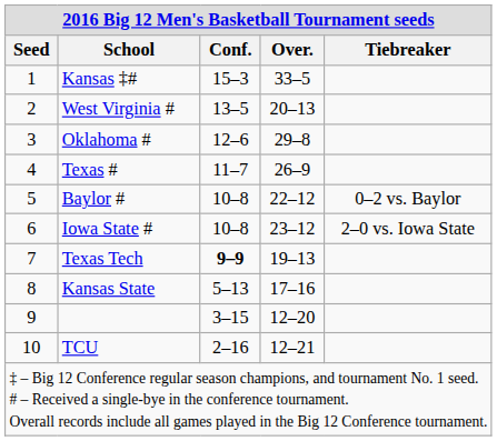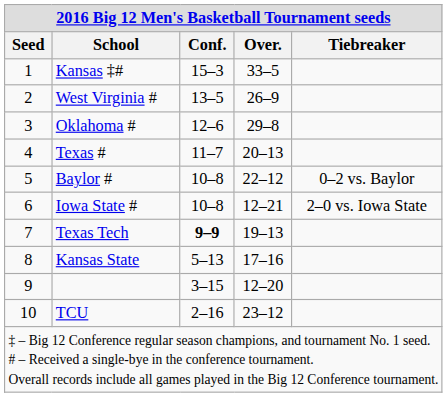 <table class="wikitable" style="white-space:nowrap; font-size:90%;text-align:center">
 <tr>
 <td colspan="10" style="text-align:center; background:#DDDDDD; font:#000000"><strong><a href='#'>2016 Big 12 Men's Basketball Tournament seeds</a></strong></td>
 </tr>
 <tr bgcolor="#efefef">
 <th>Seed</th>
 <th>School</th>
 <th>Conf.</th>
 <th>Over.</th>
 <th>Tiebreaker</th>
 </tr>
 <tr>
 <td>1</td>
 <td align=left><a href='#'>Kansas</a> ‡#</td>
 <td>15–3</td>
 <td>33–5</td>
 <td></td>
 </tr>
 <tr>
 <td>2</td>
 <td align=left><a href='#'>West Virginia</a> #</td>
 <td>13–5</td>
-<td>20–13</td>
+<td>26–9</td>
 <td></td>
 </tr>
 <tr>
 <td>3</td>
 <td align=left><a href='#'>Oklahoma</a> #</td>
 <td>12–6</td>
 <td>29–8</td>
 <td></td>
 </tr>
 <tr>
 <td>4</td>
 <td align=left><a href='#'>Texas</a> #</td>
 <td>11–7</td>
-<td>26–9</td>
+<td>20–13</td>
 <td></td>
 </tr>
 <tr>
 <td>5</td>
 <td align=left><a href='#'>Baylor</a> #</td>
 <td>10–8</td>
 <td>22–12</td>
 <td>0–2 vs. Baylor</td>
 </tr>
 <tr>
 <td>6</td>
 <td align=left><a href='#'>Iowa State</a> #</td>
 <td>10–8</td>
-<td>23–12</td>
+<td>12–21</td>
 <td>2–0 vs. Iowa State</td>
 </tr>
 <tr>
 <td>7</td>
 <td align=left><a href='#'>Texas Tech</a></td>
 <td><strong>9–9</strong></td>
 <td>19–13</td>
 <td></td>
 </tr>
 <tr>
 <td>8</td>
 <td align=left><a href='#'>Kansas State</a></td>
 <td>5–13</td>
 <td>17–16</td>
 <td></td>
 </tr>
 <tr>
 <td>9</td>
 <td align=left></td>
 <td>3–15</td>
 <td>12–20</td>
 <td></td>
 </tr>
 <tr>
 <td>10</td>
 <td align=left><a href='#'>TCU</a></td>
 <td>2–16</td>
-<td>12–21</td>
+<td>23–12</td>
 <td></td>
 </tr>
 <tr>
 <td colspan="10" style="text-align:left;"><small>‡ – Big 12 Conference regular season champions, and tournament No. 1 seed.<br># – Received a single-bye in the conference tournament.<br>Overall records include all games played in the Big 12 Conference tournament.</small></td>
 </tr>
 </table>
